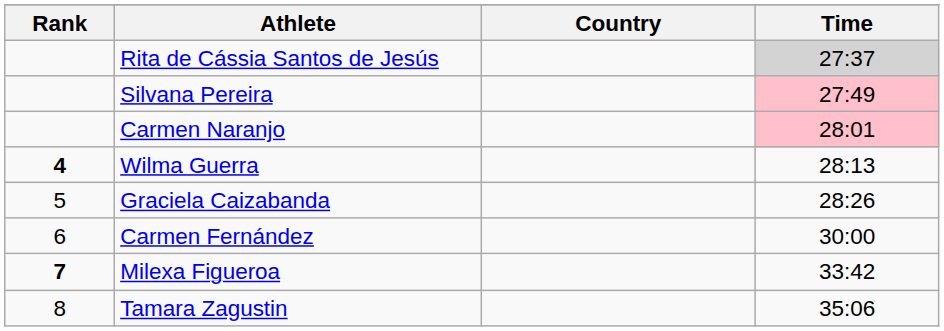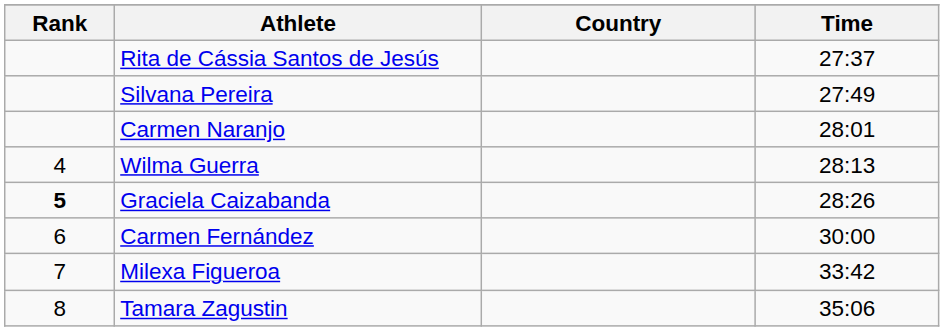 <table class="wikitable sortable" style=" text-align:center; font-size:95%;" width="50%">
 <tr>
 </tr>
 <tr>
 <th width=5%>Rank</th>
 <th width=20%>Athlete</th>
 <th width=15%>Country</th>
 <th width=10%>Time</th>
 </tr>
 <tr>
 <td align=center></td>
 <td align=left><a href='#'>Rita de Cássia Santos de Jesús</a></td>
 <td align=left></td>
-<td style="background: lightgrey;">27:37</td>
+<td>27:37</td>
 </tr>
 <tr>
 <td align=center></td>
 <td align=left><a href='#'>Silvana Pereira</a></td>
 <td align=left></td>
-<td style="background: pink;">27:49</td>
+<td>27:49</td>
 </tr>
 <tr>
 <td align=center></td>
 <td align=left><a href='#'>Carmen Naranjo</a></td>
 <td align=left></td>
-<td style="background: pink;">28:01</td>
+<td>28:01</td>
 </tr>
 <tr>
-<td align=center><strong>4</strong></td>
+<td align=center>4</td>
 <td align=left><a href='#'>Wilma Guerra</a></td>
 <td align=left></td>
 <td>28:13</td>
 </tr>
 <tr>
-<td align=center>5</td>
+<td align=center><strong>5</strong></td>
 <td align=left><a href='#'>Graciela Caizabanda</a></td>
 <td align=left></td>
 <td>28:26</td>
 </tr>
 <tr>
 <td align=center>6</td>
 <td align=left><a href='#'>Carmen Fernández</a></td>
 <td align=left></td>
 <td>30:00</td>
 </tr>
 <tr>
-<td align=center><strong>7</strong></td>
+<td align=center>7</td>
 <td align=left><a href='#'>Milexa Figueroa</a></td>
 <td align=left></td>
 <td>33:42</td>
 </tr>
 <tr>
 <td align=center>8</td>
 <td align=left><a href='#'>Tamara Zagustin</a></td>
 <td align=left></td>
 <td>35:06</td>
 </tr>
 </table>
